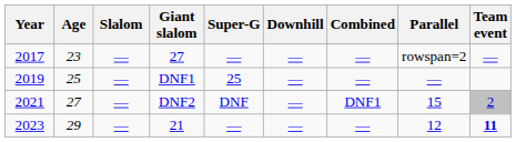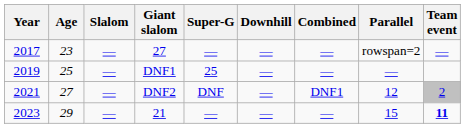 <table class=wikitable style="text-align:center">
 <tr>
 <th>  Year  </th>
 <th> Age </th>
 <th> Slalom </th>
 <th> Giant <br> slalom </th>
 <th>Super-G</th>
 <th>Downhill</th>
 <th>Combined</th>
 <th>Parallel</th>
 <th>Team<br>event</th>
 </tr>
 <tr>
 <td><a href='#'>2017</a></td>
 <td><em>23</em></td>
 <td><a href='#'>—</a></td>
 <td><a href='#'>27</a></td>
 <td><a href='#'>—</a></td>
 <td><a href='#'>—</a></td>
 <td><a href='#'>—</a></td>
 <td>rowspan=2 </td>
 <td><a href='#'>—</a></td>
 </tr>
 <tr>
 <td><a href='#'>2019</a></td>
 <td><em>25</em></td>
 <td><a href='#'>—</a></td>
 <td><a href='#'>DNF1</a></td>
 <td><a href='#'>25</a></td>
 <td><a href='#'>—</a></td>
 <td><a href='#'>—</a></td>
 <td><a href='#'>—</a></td>
 </tr>
 <tr>
 <td><a href='#'>2021</a></td>
 <td><em>27</em></td>
 <td><a href='#'>—</a></td>
 <td><a href='#'>DNF2</a></td>
 <td><a href='#'>DNF</a></td>
 <td><a href='#'>—</a></td>
 <td><a href='#'>DNF1</a></td>
-<td><a href='#'>15</a></td>
+<td><a href='#'>12</a></td>
 <td bgcolor=silver><a href='#'>2</a></td>
 </tr>
 <tr>
 <td><a href='#'>2023</a></td>
 <td><em>29</em></td>
 <td><a href='#'>—</a></td>
 <td><a href='#'>21</a></td>
 <td><a href='#'>—</a></td>
 <td><a href='#'>—</a></td>
 <td><a href='#'>—</a></td>
-<td><a href='#'>12</a></td>
+<td><a href='#'>15</a></td>
 <td><strong><a href='#'>11</a></strong></td>
 </tr>
 </table>
